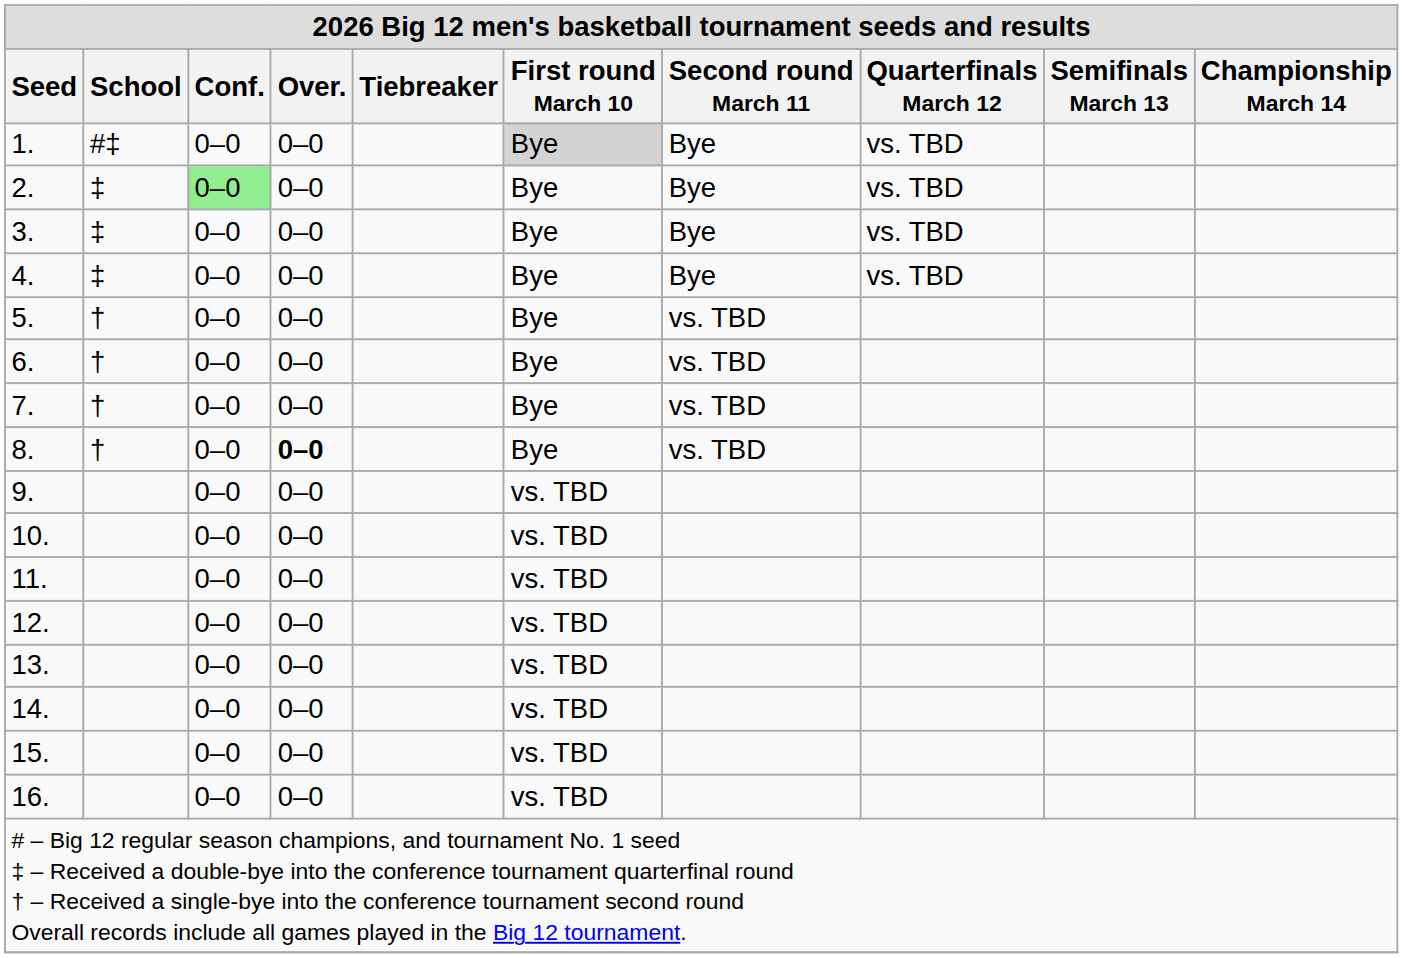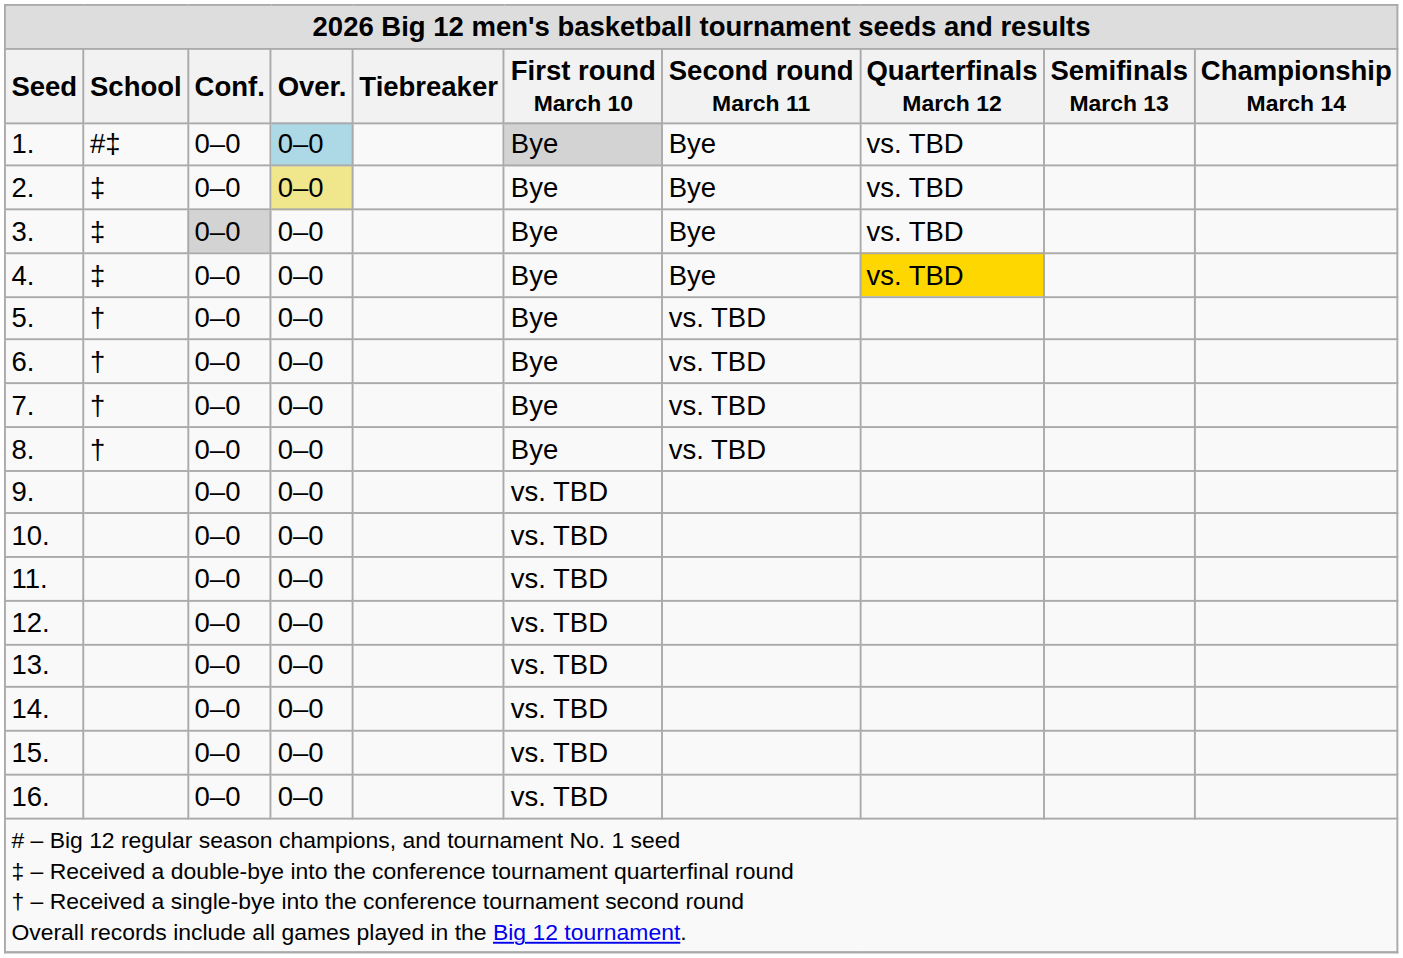 <table class="wikitable" style="white-space:nowrap; font-size:90%;">
 <tr>
 <td colspan="10" style="text-align:center; background:#DDDDDD; font:#000000"><strong>2026 Big 12 men's basketball tournament seeds and results</strong></td>
 </tr>
 <tr bgcolor="#efefef">
 <th>Seed</th>
 <th>School</th>
 <th>Conf.</th>
 <th>Over.</th>
 <th>Tiebreaker</th>
 <th>First round<br><small>March 10</small></th>
 <th>Second round<br><small>March 11</small></th>
 <th>Quarterfinals<br><small>March 12</small></th>
 <th>Semifinals<br><small>March 13</small></th>
 <th>Championship<br><small>March 14</small></th>
 </tr>
 <tr>
 <td>1.</td>
 <td>#‡</td>
 <td>0–0</td>
-<td>0–0</td>
+<td style="background: lightblue;">0–0</td>
 <td></td>
 <td style="background: lightgrey;">Bye</td>
 <td>Bye</td>
 <td>vs. TBD</td>
 <td></td>
 <td></td>
 </tr>
 <tr>
 <td>2.</td>
 <td>‡</td>
-<td style="background: lightgreen;">0–0</td>
 <td>0–0</td>
+<td style="background: khaki;">0–0</td>
 <td></td>
 <td>Bye</td>
 <td>Bye</td>
 <td>vs. TBD</td>
 <td></td>
 <td></td>
 </tr>
 <tr>
 <td>3.</td>
 <td>‡</td>
-<td>0–0</td>
+<td style="background: lightgrey;">0–0</td>
 <td>0–0</td>
 <td></td>
 <td>Bye</td>
 <td>Bye</td>
 <td>vs. TBD</td>
 <td></td>
 <td></td>
 </tr>
 <tr>
 <td>4.</td>
 <td>‡</td>
 <td>0–0</td>
 <td>0–0</td>
 <td></td>
 <td>Bye</td>
 <td>Bye</td>
-<td>vs. TBD</td>
+<td style="background: gold;">vs. TBD</td>
 <td></td>
 <td></td>
 </tr>
 <tr>
 <td>5.</td>
 <td>†</td>
 <td>0–0</td>
 <td>0–0</td>
 <td></td>
 <td>Bye</td>
 <td>vs. TBD</td>
 <td></td>
 <td></td>
 <td></td>
 </tr>
 <tr>
 <td>6.</td>
 <td>†</td>
 <td>0–0</td>
 <td>0–0</td>
 <td></td>
 <td>Bye</td>
 <td>vs. TBD</td>
 <td></td>
 <td></td>
 <td></td>
 </tr>
 <tr>
 <td>7.</td>
 <td>†</td>
 <td>0–0</td>
 <td>0–0</td>
 <td></td>
 <td>Bye</td>
 <td>vs. TBD</td>
 <td></td>
 <td></td>
 <td></td>
 </tr>
 <tr>
 <td>8.</td>
 <td>†</td>
 <td>0–0</td>
-<td><strong>0–0</strong></td>
+<td>0–0</td>
 <td></td>
 <td>Bye</td>
 <td>vs. TBD</td>
 <td></td>
 <td></td>
 <td></td>
 </tr>
 <tr>
 <td>9.</td>
 <td></td>
 <td>0–0</td>
 <td>0–0</td>
 <td></td>
 <td>vs. TBD</td>
 <td></td>
 <td></td>
 <td></td>
 <td></td>
 </tr>
 <tr>
 <td>10.</td>
 <td></td>
 <td>0–0</td>
 <td>0–0</td>
 <td></td>
 <td>vs. TBD</td>
 <td></td>
 <td></td>
 <td></td>
 <td></td>
 </tr>
 <tr>
 <td>11.</td>
 <td></td>
 <td>0–0</td>
 <td>0–0</td>
 <td></td>
 <td>vs. TBD</td>
 <td></td>
 <td></td>
 <td></td>
 <td></td>
 </tr>
 <tr>
 <td>12.</td>
 <td></td>
 <td>0–0</td>
 <td>0–0</td>
 <td></td>
 <td>vs. TBD</td>
 <td></td>
 <td></td>
 <td></td>
 <td></td>
 </tr>
 <tr>
 <td>13.</td>
 <td></td>
 <td>0–0</td>
 <td>0–0</td>
 <td></td>
 <td>vs. TBD</td>
 <td></td>
 <td></td>
 <td></td>
 <td></td>
 </tr>
 <tr>
 <td>14.</td>
 <td></td>
 <td>0–0</td>
 <td>0–0</td>
 <td></td>
 <td>vs. TBD</td>
 <td></td>
 <td></td>
 <td></td>
 <td></td>
 </tr>
 <tr>
 <td>15.</td>
 <td></td>
 <td>0–0</td>
 <td>0–0</td>
 <td></td>
 <td>vs. TBD</td>
 <td></td>
 <td></td>
 <td></td>
 <td></td>
 </tr>
 <tr>
 <td>16.</td>
 <td></td>
 <td>0–0</td>
 <td>0–0</td>
 <td></td>
 <td>vs. TBD</td>
 <td></td>
 <td></td>
 <td></td>
 <td></td>
 </tr>
 <tr>
 <td colspan="10" style="text-align:left;"><small># – Big 12 regular season champions, and tournament No. 1 seed<br>‡ – Received a double-bye into the conference tournament quarterfinal round<br>† – Received a single-bye into the conference tournament second round<br>Overall records include all games played in the <a href='#'>Big 12 tournament</a>.</small></td>
 </tr>
 <tr>
 </tr>
 </table>
